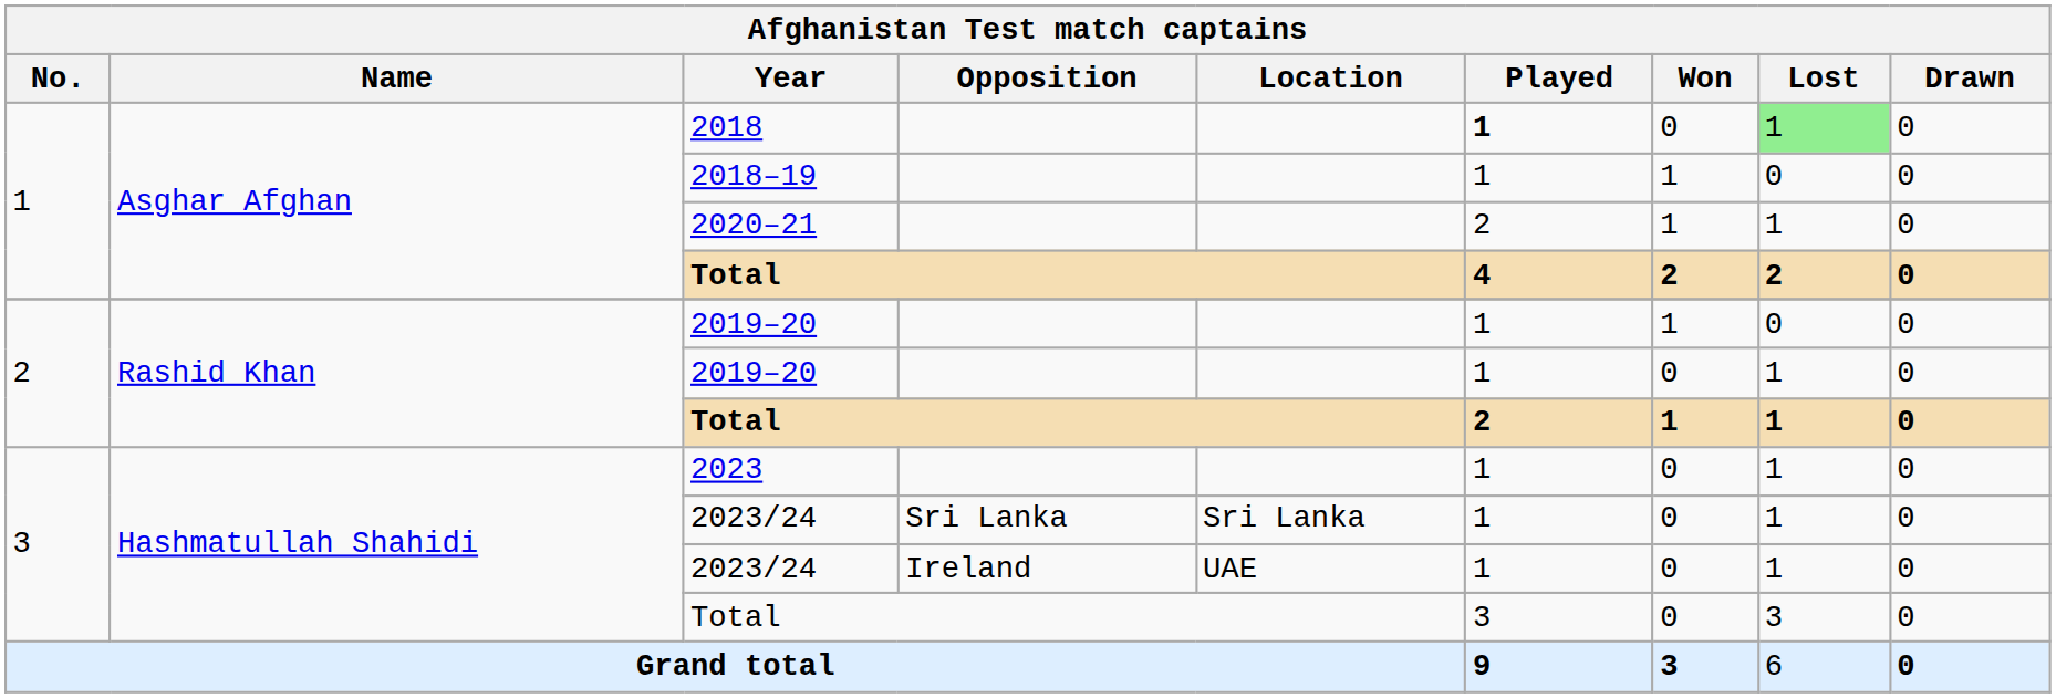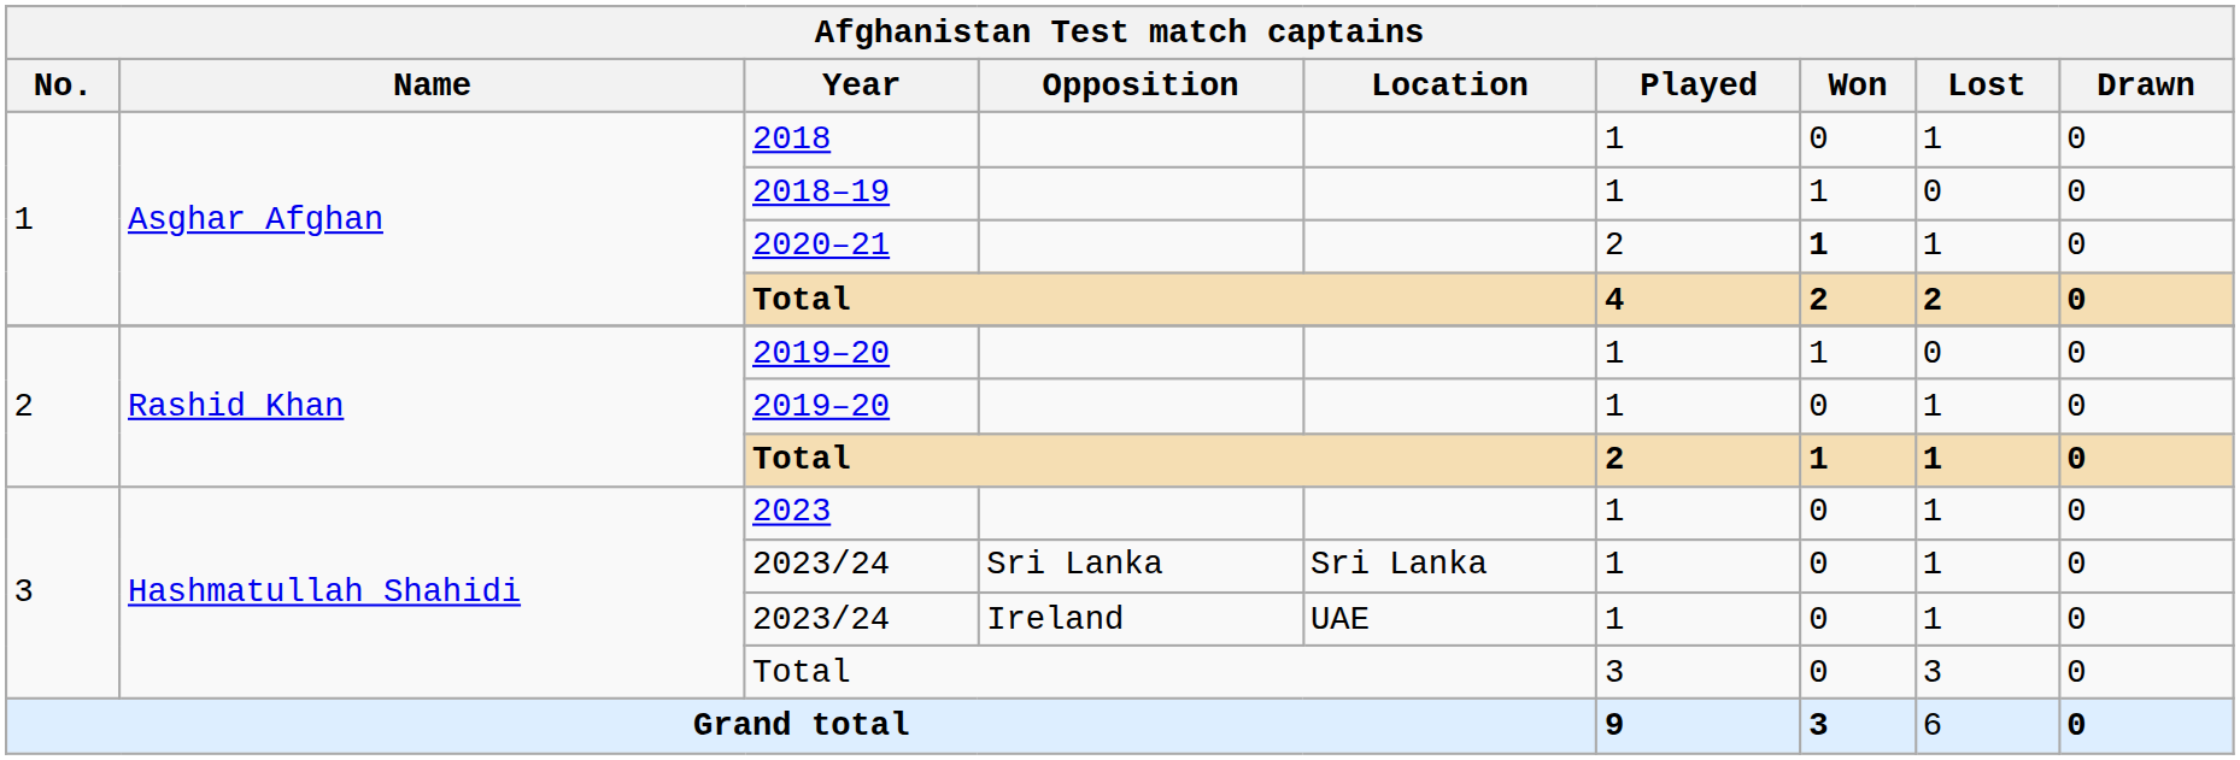 <table class="wikitable" style="width:70%;">
 <tr style="background:#efefef;">
 <th colspan="9">Afghanistan Test match captains</th>
 </tr>
 <tr style="background:#efefef;">
 <th>No.</th>
 <th>Name</th>
 <th>Year</th>
 <th>Opposition</th>
 <th>Location</th>
 <th>Played</th>
 <th>Won</th>
 <th>Lost</th>
 <th>Drawn</th>
 </tr>
 <tr>
 <td rowspan=4>1</td>
 <td rowspan=4><a href='#'>Asghar Afghan</a></td>
 <td><a href='#'>2018</a></td>
 <td></td>
 <td></td>
-<td><strong>1</strong></td>
+<td>1</td>
 <td>0</td>
-<td style="background: lightgreen;">1</td>
+<td>1</td>
 <td>0</td>
 </tr>
 <tr>
 <td><a href='#'>2018–19</a></td>
 <td></td>
 <td></td>
 <td>1</td>
 <td>1</td>
 <td>0</td>
 <td>0</td>
 </tr>
 <tr>
 <td><a href='#'>2020–21</a></td>
 <td></td>
 <td></td>
 <td>2</td>
-<td>1</td>
+<td><strong>1</strong></td>
 <td>1</td>
 <td>0</td>
 </tr>
 <tr bgcolor="#F5DEB3">
 <td colspan=3><strong>Total</strong></td>
 <td><strong>4</strong></td>
 <td><strong>2</strong></td>
 <td><strong>2</strong></td>
 <td><strong>0</strong></td>
 </tr>
 <tr style="background:#def;">
 </tr>
 <tr>
 <td rowspan=3>2</td>
 <td rowspan=3><a href='#'>Rashid Khan</a></td>
 <td><a href='#'>2019–20</a></td>
 <td></td>
 <td></td>
 <td>1</td>
 <td>1</td>
 <td>0</td>
 <td>0</td>
 </tr>
 <tr>
 <td><a href='#'>2019–20</a></td>
 <td></td>
 <td></td>
 <td>1</td>
 <td>0</td>
 <td>1</td>
 <td>0</td>
 </tr>
 <tr bgcolor="#F5DEB3">
 <td colspan=3><strong>Total</strong></td>
 <td><strong>2</strong></td>
 <td><strong>1</strong></td>
 <td><strong>1</strong></td>
 <td><strong>0</strong></td>
 </tr>
 <tr>
 <td rowspan="4">3</td>
 <td rowspan="4"><a href='#'>Hashmatullah Shahidi</a></td>
 <td><a href='#'>2023</a></td>
 <td></td>
 <td></td>
 <td>1</td>
 <td>0</td>
 <td>1</td>
 <td>0</td>
 </tr>
 <tr>
 <td>2023/24</td>
 <td>Sri Lanka</td>
 <td>Sri Lanka</td>
 <td>1</td>
 <td>0</td>
 <td>1</td>
 <td>0</td>
 </tr>
 <tr>
 <td>2023/24</td>
 <td>Ireland</td>
 <td>UAE</td>
 <td>1</td>
 <td>0</td>
 <td>1</td>
 <td>0</td>
 </tr>
 <tr>
 <td colspan="3">Total</td>
 <td>3</td>
 <td>0</td>
 <td>3</td>
 <td>0</td>
 </tr>
 <tr bgcolor="#DDEEFF">
 <td colspan="5" style="text-align:center;"><strong>Grand total</strong></td>
 <td><strong>9</strong></td>
 <td><strong>3</strong></td>
 <td>6</td>
 <td><strong>0</strong></td>
 </tr>
 </table>
